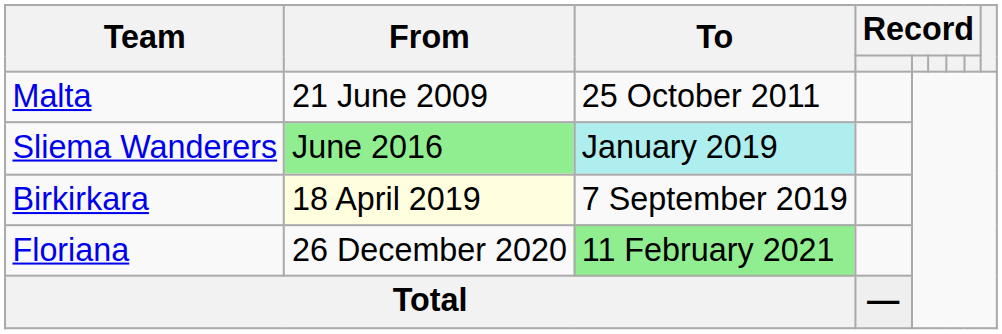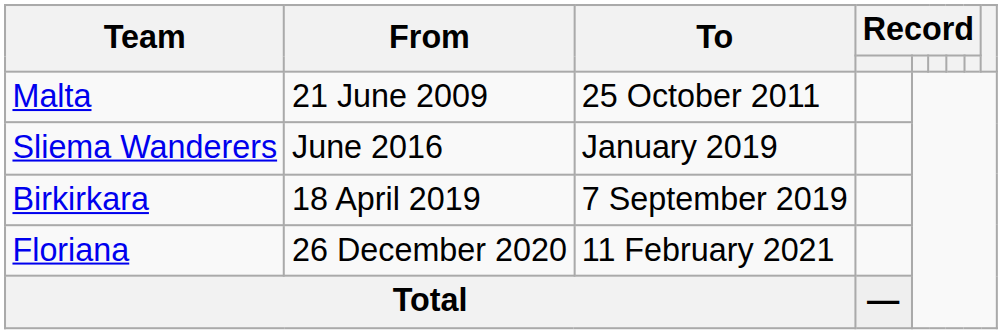 <table style="text-align: center" class="wikitable">
 <tr>
 <th rowspan="2">Team</th>
 <th rowspan="2">From</th>
 <th rowspan="2">To</th>
 <th colspan="5">Record</th>
 <th rowspan="2"></th>
 </tr>
 <tr>
 <th></th>
 <th></th>
 <th></th>
 <th></th>
 <th></th>
 </tr>
 <tr>
 <td align="left"><a href='#'>Malta</a></td>
 <td align="left">21 June 2009</td>
 <td align="left">25 October 2011<br></td>
 <td style="text-align:center"></td>
 </tr>
 <tr>
 <td align="left"><a href='#'>Sliema Wanderers</a></td>
-<td align="left" style="background: lightgreen;">June 2016</td>
-<td align="left" style="background: paleturquoise;">January 2019<br></td>
+<td align="left">June 2016</td>
+<td align="left">January 2019<br></td>
 <td style="text-align:center"></td>
 </tr>
 <tr>
 <td align="left"><a href='#'>Birkirkara</a></td>
-<td align="left" style="background: lightyellow;">18 April 2019</td>
+<td align="left">18 April 2019</td>
 <td align="left">7 September 2019<br></td>
 <td style="text-align:center"></td>
 </tr>
 <tr>
 <td align="left"><a href='#'>Floriana</a></td>
 <td align="left">26 December 2020</td>
-<td align="left" style="background: lightgreen;">11 February 2021<br></td>
+<td align="left">11 February 2021<br></td>
 <td style="text-align:center"></td>
 </tr>
 <tr>
 <th colspan="3">Total<br></th>
 <th style="font-weight:bold;background:#efefef;text-align:center">—</th>
 </tr>
 </table>
